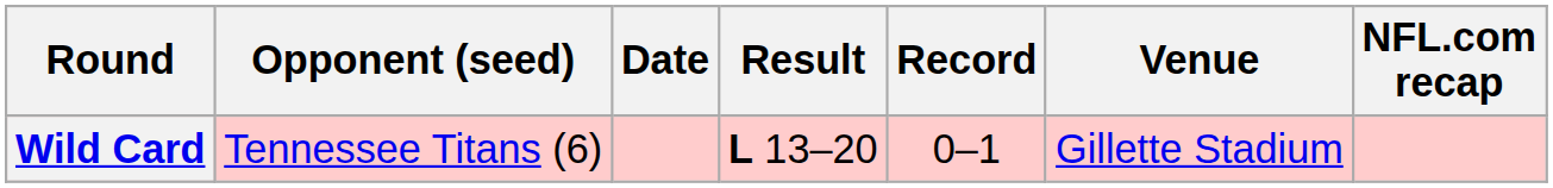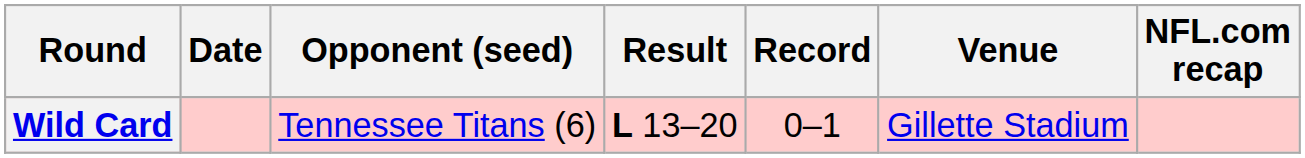 <table class="wikitable" style="text-align:center">
 <tr>
 <th>Round</th>
+<th>Date</th>
 <th>Opponent (seed)</th>
-<th>Date</th>
 <th>Result</th>
 <th>Record</th>
 <th>Venue</th>
 <th>NFL.com<br>recap</th>
 </tr>
 <tr style="background:#fcc">
 <th><a href='#'>Wild Card</a></th>
+<td></td>
 <td><a href='#'>Tennessee Titans</a> (6)</td>
-<td></td>
 <td><strong>L</strong> 13–20</td>
 <td>0–1</td>
 <td><a href='#'>Gillette Stadium</a></td>
 <td></td>
 </tr>
 </table>
